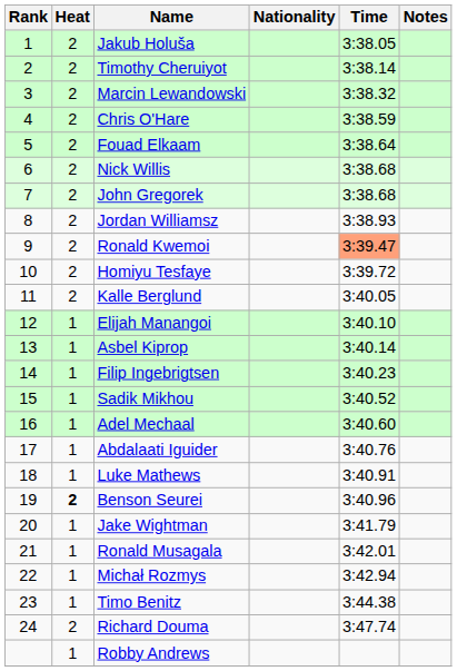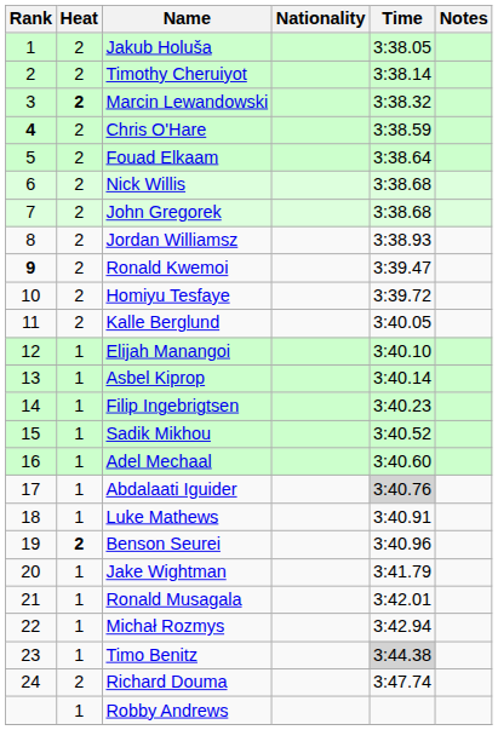 <table class="wikitable sortable" style="text-align:center">
 <tr>
 <th>Rank</th>
 <th>Heat</th>
 <th>Name</th>
 <th>Nationality</th>
 <th>Time</th>
 <th>Notes</th>
 </tr>
 <tr bgcolor=ccffcc>
 <td>1</td>
 <td>2</td>
 <td style="text-align:left;"><a href='#'>Jakub Holuša</a></td>
 <td style="text-align:left;"></td>
 <td>3:38.05</td>
 <td></td>
 </tr>
 <tr bgcolor=ccffcc>
 <td>2</td>
 <td>2</td>
 <td style="text-align:left;"><a href='#'>Timothy Cheruiyot</a></td>
 <td style="text-align:left;"></td>
 <td>3:38.14</td>
 <td></td>
 </tr>
 <tr bgcolor=ccffcc>
 <td>3</td>
-<td>2</td>
+<td><strong>2</strong></td>
 <td style="text-align:left;"><a href='#'>Marcin Lewandowski</a></td>
 <td style="text-align:left;"></td>
 <td>3:38.32</td>
 <td></td>
 </tr>
 <tr bgcolor=ccffcc>
-<td>4</td>
+<td><strong>4</strong></td>
 <td>2</td>
 <td style="text-align:left;"><a href='#'>Chris O'Hare</a></td>
 <td style="text-align:left;"></td>
 <td>3:38.59</td>
 <td></td>
 </tr>
 <tr bgcolor=ccffcc>
 <td>5</td>
 <td>2</td>
 <td style="text-align:left;"><a href='#'>Fouad Elkaam</a></td>
 <td style="text-align:left;"></td>
 <td>3:38.64</td>
 <td></td>
 </tr>
 <tr bgcolor=ddffdd>
 <td>6</td>
 <td>2</td>
 <td style="text-align:left;"><a href='#'>Nick Willis</a></td>
 <td style="text-align:left;"></td>
 <td>3:38.68</td>
 <td></td>
 </tr>
 <tr bgcolor=ddffdd>
 <td>7</td>
 <td>2</td>
 <td style="text-align:left;"><a href='#'>John Gregorek</a></td>
 <td style="text-align:left;"></td>
 <td>3:38.68</td>
 <td></td>
 </tr>
 <tr>
 <td>8</td>
 <td>2</td>
 <td style="text-align:left;"><a href='#'>Jordan Williamsz</a></td>
 <td style="text-align:left;"></td>
 <td>3:38.93</td>
 <td></td>
 </tr>
 <tr>
-<td>9</td>
+<td><strong>9</strong></td>
 <td>2</td>
 <td style="text-align:left;"><a href='#'>Ronald Kwemoi</a></td>
 <td style="text-align:left;"></td>
-<td style="background: lightsalmon;">3:39.47</td>
+<td>3:39.47</td>
 <td></td>
 </tr>
 <tr>
 <td>10</td>
 <td>2</td>
 <td style="text-align:left;"><a href='#'>Homiyu Tesfaye</a></td>
 <td style="text-align:left;"></td>
 <td>3:39.72</td>
 <td></td>
 </tr>
 <tr>
 <td>11</td>
 <td>2</td>
 <td style="text-align:left;"><a href='#'>Kalle Berglund</a></td>
 <td style="text-align:left;"></td>
 <td>3:40.05</td>
 <td></td>
 </tr>
 <tr bgcolor=ccffcc>
 <td>12</td>
 <td>1</td>
 <td style="text-align:left;"><a href='#'>Elijah Manangoi</a></td>
 <td style="text-align:left;"></td>
 <td>3:40.10</td>
 <td></td>
 </tr>
 <tr bgcolor=ccffcc>
 <td>13</td>
 <td>1</td>
 <td style="text-align:left;"><a href='#'>Asbel Kiprop</a></td>
 <td style="text-align:left;"></td>
 <td>3:40.14</td>
 <td></td>
 </tr>
 <tr bgcolor=ccffcc>
 <td>14</td>
 <td>1</td>
 <td style="text-align:left;"><a href='#'>Filip Ingebrigtsen</a></td>
 <td style="text-align:left;"></td>
 <td>3:40.23</td>
 <td></td>
 </tr>
 <tr bgcolor=ccffcc>
 <td>15</td>
 <td>1</td>
 <td style="text-align:left;"><a href='#'>Sadik Mikhou</a></td>
 <td style="text-align:left;"></td>
 <td>3:40.52</td>
 <td></td>
 </tr>
 <tr bgcolor=ccffcc>
 <td>16</td>
 <td>1</td>
 <td style="text-align:left;"><a href='#'>Adel Mechaal</a></td>
 <td style="text-align:left;"></td>
 <td>3:40.60</td>
 <td></td>
 </tr>
 <tr>
 <td>17</td>
 <td>1</td>
 <td style="text-align:left;"><a href='#'>Abdalaati Iguider</a></td>
 <td style="text-align:left;"></td>
-<td>3:40.76</td>
+<td style="background: lightgrey;">3:40.76</td>
 <td></td>
 </tr>
 <tr>
 <td>18</td>
 <td>1</td>
 <td style="text-align:left;"><a href='#'>Luke Mathews</a></td>
 <td style="text-align:left;"></td>
 <td>3:40.91</td>
 <td></td>
 </tr>
 <tr>
 <td>19</td>
 <td><strong>2</strong></td>
 <td style="text-align:left;"><a href='#'>Benson Seurei</a></td>
 <td style="text-align:left;"></td>
 <td>3:40.96</td>
 <td></td>
 </tr>
 <tr>
 <td>20</td>
 <td>1</td>
 <td style="text-align:left;"><a href='#'>Jake Wightman</a></td>
 <td style="text-align:left;"></td>
 <td>3:41.79</td>
 <td></td>
 </tr>
 <tr>
 <td>21</td>
 <td>1</td>
 <td style="text-align:left;"><a href='#'>Ronald Musagala</a></td>
 <td style="text-align:left;"></td>
 <td>3:42.01</td>
 <td></td>
 </tr>
 <tr>
 <td>22</td>
 <td>1</td>
 <td style="text-align:left;"><a href='#'>Michał Rozmys</a></td>
 <td style="text-align:left;"></td>
 <td>3:42.94</td>
 <td></td>
 </tr>
 <tr>
 <td>23</td>
 <td>1</td>
 <td style="text-align:left;"><a href='#'>Timo Benitz</a></td>
 <td style="text-align:left;"></td>
-<td>3:44.38</td>
+<td style="background: lightgrey;">3:44.38</td>
 <td></td>
 </tr>
 <tr>
 <td>24</td>
 <td>2</td>
 <td style="text-align:left;"><a href='#'>Richard Douma</a></td>
 <td style="text-align:left;"></td>
 <td>3:47.74</td>
 <td></td>
 </tr>
 <tr>
 <td></td>
 <td>1</td>
 <td style="text-align:left;"><a href='#'>Robby Andrews</a></td>
 <td style="text-align:left;"></td>
 <td></td>
 <td></td>
 </tr>
 <tr>
 </tr>
 </table>
